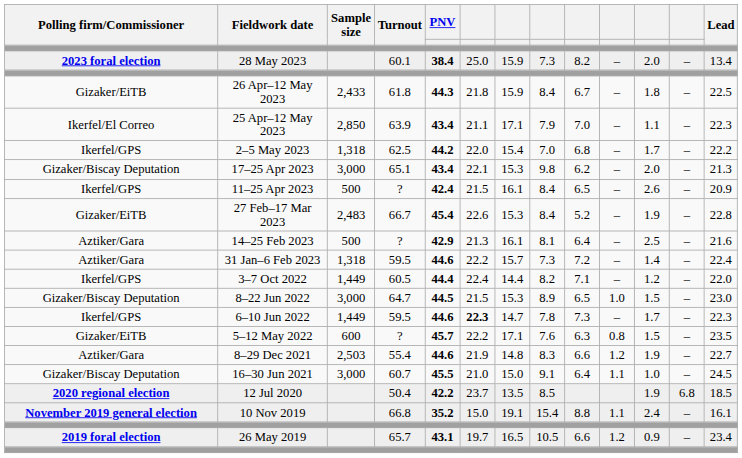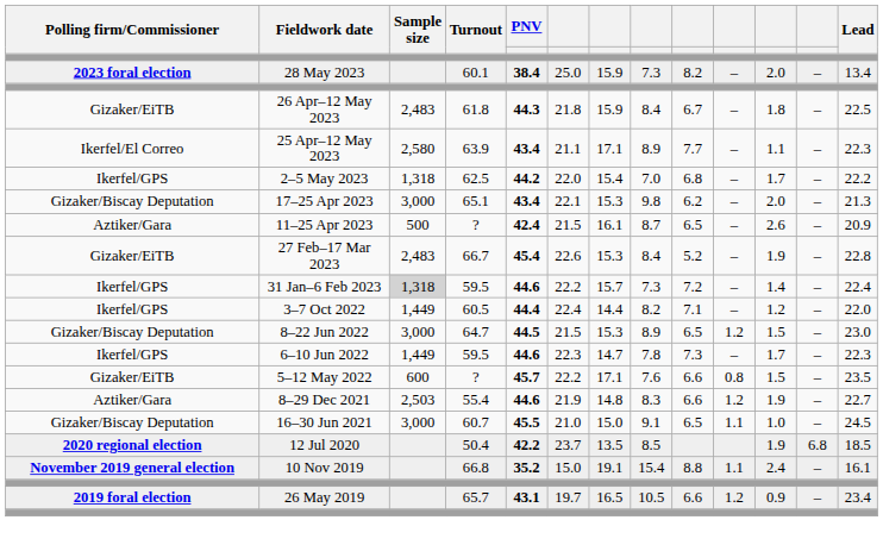 <table class="wikitable collapsible collapsed" style="text-align:center; font-size:95%; line-height:16px;">
 <tr style="height:42px;">
 <th style="width:250px;" rowspan="2">Polling firm/Commissioner</th>
 <th style="width:125px;" rowspan="2">Fieldwork date</th>
 <th style="width:50px;" rowspan="2">Sample size</th>
 <th style="width:45px;" rowspan="2">Turnout</th>
 <th style="width:35px;"><a href='#'>PNV</a></th>
 <th style="width:35px;"></th>
 <th style="width:35px;"></th>
 <th style="width:35px;"></th>
 <th style="width:35px;"></th>
 <th style="width:35px;"></th>
 <th style="width:35px;"></th>
 <th style="width:35px;"></th>
 <th style="width:30px;" rowspan="2">Lead</th>
 </tr>
 <tr>
 <th style="color:inherit;background:"></th>
 <th style="color:inherit;background:"></th>
 <th style="color:inherit;background:"></th>
 <th style="color:inherit;background:"></th>
 <th style="color:inherit;background:"></th>
 <th style="color:inherit;background:"></th>
 <th style="color:inherit;background:"></th>
 <th style="color:inherit;background:"></th>
 </tr>
 <tr>
 <td colspan="13" style="background:#A0A0A0"></td>
 </tr>
 <tr style="background:#EFEFEF;">
 <td><strong><a href='#'>2023 foral election</a></strong></td>
 <td>28 May 2023</td>
 <td></td>
 <td>60.1</td>
 <td><strong>38.4</strong><br></td>
 <td>25.0<br></td>
 <td>15.9<br></td>
 <td>7.3<br></td>
 <td>8.2<br></td>
 <td>–</td>
 <td>2.0<br></td>
 <td>–</td>
 <td style="background:">13.4</td>
 </tr>
 <tr>
 <td colspan="13" style="background:#A0A0A0"></td>
 </tr>
 <tr>
 <td>Gizaker/EiTB</td>
 <td>26 Apr–12 May 2023</td>
-<td>2,433</td>
+<td>2,483</td>
 <td>61.8</td>
 <td><strong>44.3</strong><br></td>
 <td>21.8<br></td>
 <td>15.9<br></td>
 <td>8.4<br></td>
 <td>6.7<br></td>
 <td>–</td>
 <td>1.8<br></td>
 <td>–</td>
 <td style="background:">22.5</td>
 </tr>
 <tr>
 <td>Ikerfel/El Correo</td>
 <td>25 Apr–12 May 2023</td>
-<td>2,850</td>
+<td>2,580</td>
 <td>63.9</td>
 <td><strong>43.4</strong><br></td>
 <td>21.1<br></td>
 <td>17.1<br></td>
-<td>7.9<br></td>
-<td>7.0<br></td>
+<td>8.9<br></td>
+<td>7.7<br></td>
 <td>–</td>
 <td>1.1<br></td>
 <td>–</td>
 <td style="background:">22.3</td>
 </tr>
 <tr>
 <td>Ikerfel/GPS</td>
 <td>2–5 May 2023</td>
 <td>1,318</td>
 <td>62.5</td>
 <td><strong>44.2</strong></td>
 <td>22.0</td>
 <td>15.4</td>
 <td>7.0</td>
 <td>6.8</td>
 <td>–</td>
 <td>1.7</td>
 <td>–</td>
 <td style="background:">22.2</td>
 </tr>
 <tr>
 <td>Gizaker/Biscay Deputation</td>
 <td>17–25 Apr 2023</td>
 <td>3,000</td>
 <td>65.1</td>
 <td><strong>43.4</strong><br></td>
 <td>22.1<br></td>
 <td>15.3<br></td>
 <td>9.8<br></td>
 <td>6.2<br></td>
 <td>–</td>
 <td>2.0<br></td>
 <td>–</td>
 <td style="background:">21.3</td>
 </tr>
 <tr>
-<td>Ikerfel/GPS</td>
+<td>Aztiker/Gara</td>
 <td>11–25 Apr 2023</td>
 <td>500</td>
 <td>?</td>
 <td><strong>42.4</strong><br></td>
 <td>21.5<br></td>
 <td>16.1<br></td>
-<td>8.4<br></td>
+<td>8.7<br></td>
 <td>6.5<br></td>
 <td>–</td>
 <td>2.6<br></td>
 <td>–</td>
 <td style="background:">20.9</td>
 </tr>
 <tr>
 <td>Gizaker/EiTB</td>
 <td>27 Feb–17 Mar 2023</td>
 <td>2,483</td>
 <td>66.7</td>
 <td><strong>45.4</strong><br></td>
 <td>22.6<br></td>
 <td>15.3<br></td>
 <td>8.4<br></td>
 <td>5.2<br></td>
 <td>–</td>
 <td>1.9<br></td>
 <td>–</td>
 <td style="background:">22.8</td>
 </tr>
 <tr>
-<td>Aztiker/Gara</td>
-<td>14–25 Feb 2023</td>
-<td>500</td>
-<td>?</td>
-<td><strong>42.9</strong><br></td>
-<td>21.3<br></td>
-<td>16.1<br></td>
-<td>8.1<br></td>
-<td>6.4<br></td>
-<td>–</td>
-<td>2.5<br></td>
-<td>–</td>
-<td style="background:">21.6</td>
-</tr>
-<tr>
-<td>Aztiker/Gara</td>
+<td>Ikerfel/GPS</td>
 <td>31 Jan–6 Feb 2023</td>
-<td>1,318</td>
+<td style="background: lightgrey;">1,318</td>
 <td>59.5</td>
 <td><strong>44.6</strong></td>
 <td>22.2</td>
 <td>15.7</td>
 <td>7.3</td>
 <td>7.2</td>
 <td>–</td>
 <td>1.4</td>
 <td>–</td>
 <td style="background:">22.4</td>
 </tr>
 <tr>
 <td>Ikerfel/GPS</td>
 <td>3–7 Oct 2022</td>
 <td>1,449</td>
 <td>60.5</td>
 <td><strong>44.4</strong></td>
 <td>22.4</td>
 <td>14.4</td>
 <td>8.2</td>
 <td>7.1</td>
 <td>–</td>
 <td>1.2</td>
 <td>–</td>
 <td style="background:">22.0</td>
 </tr>
 <tr>
 <td>Gizaker/Biscay Deputation</td>
 <td>8–22 Jun 2022</td>
 <td>3,000</td>
 <td>64.7</td>
 <td><strong>44.5</strong><br></td>
 <td>21.5<br></td>
 <td>15.3<br></td>
 <td>8.9<br></td>
 <td>6.5<br></td>
-<td>1.0<br></td>
+<td>1.2<br></td>
 <td>1.5<br></td>
 <td>–</td>
 <td style="background:">23.0</td>
 </tr>
 <tr>
 <td>Ikerfel/GPS</td>
 <td>6–10 Jun 2022</td>
 <td>1,449</td>
 <td>59.5</td>
 <td><strong>44.6</strong></td>
-<td><strong>22.3</strong></td>
+<td>22.3</td>
 <td>14.7</td>
 <td>7.8</td>
 <td>7.3</td>
 <td>–</td>
 <td>1.7</td>
 <td>–</td>
 <td style="background:">22.3</td>
 </tr>
 <tr>
 <td>Gizaker/EiTB</td>
 <td>5–12 May 2022</td>
 <td>600</td>
 <td>?</td>
 <td><strong>45.7</strong></td>
 <td>22.2</td>
 <td>17.1</td>
 <td>7.6</td>
-<td>6.3</td>
+<td>6.6</td>
 <td>0.8</td>
 <td>1.5</td>
 <td>–</td>
 <td style="background:">23.5</td>
 </tr>
 <tr>
 <td>Aztiker/Gara</td>
 <td>8–29 Dec 2021</td>
 <td>2,503</td>
 <td>55.4</td>
 <td><strong>44.6</strong><br></td>
 <td>21.9<br></td>
 <td>14.8<br></td>
 <td>8.3<br></td>
 <td>6.6<br></td>
 <td>1.2<br></td>
 <td>1.9<br></td>
 <td>–</td>
 <td style="background:">22.7</td>
 </tr>
 <tr>
 <td>Gizaker/Biscay Deputation</td>
 <td>16–30 Jun 2021</td>
 <td>3,000</td>
 <td>60.7</td>
 <td><strong>45.5</strong><br></td>
 <td>21.0<br></td>
 <td>15.0<br></td>
 <td>9.1<br></td>
-<td>6.4<br></td>
+<td>6.5<br></td>
 <td>1.1<br></td>
 <td>1.0<br></td>
 <td>–</td>
 <td style="background:">24.5</td>
 </tr>
 <tr style="background:#EFEFEF;">
 <td><strong><a href='#'>2020 regional election</a></strong></td>
 <td>12 Jul 2020</td>
 <td></td>
 <td>50.4</td>
 <td><strong>42.2</strong></td>
 <td>23.7</td>
 <td>13.5</td>
 <td>8.5</td>
 <td></td>
 <td></td>
 <td>1.9</td>
 <td>6.8</td>
 <td style="background:">18.5</td>
 </tr>
 <tr style="background:#EFEFEF;">
 <td><strong><a href='#'>November 2019 general election</a></strong></td>
 <td>10 Nov 2019</td>
 <td></td>
 <td>66.8</td>
 <td><strong>35.2</strong></td>
 <td>15.0</td>
 <td>19.1</td>
 <td>15.4</td>
 <td>8.8</td>
 <td>1.1</td>
 <td>2.4</td>
 <td>–</td>
 <td style="background:">16.1</td>
 </tr>
 <tr>
 <td colspan="13" style="background:#A0A0A0"></td>
 </tr>
 <tr style="background:#EFEFEF;">
 <td><strong><a href='#'>2019 foral election</a></strong></td>
 <td>26 May 2019</td>
 <td></td>
 <td>65.7</td>
 <td><strong>43.1</strong><br></td>
 <td>19.7<br></td>
 <td>16.5<br></td>
 <td>10.5<br></td>
 <td>6.6<br></td>
 <td>1.2<br></td>
 <td>0.9<br></td>
 <td>–</td>
 <td style="background:">23.4</td>
 </tr>
 <tr>
 <td colspan="13" style="background:#A0A0A0"></td>
 </tr>
 </table>
